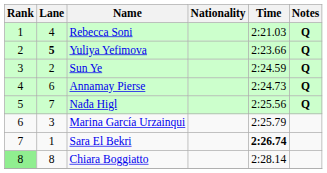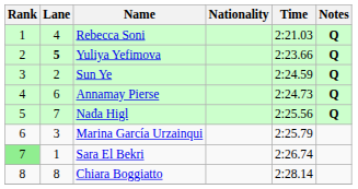 <table class="wikitable sortable" style="text-align:center">
 <tr>
 <th>Rank</th>
 <th>Lane</th>
 <th>Name</th>
 <th>Nationality</th>
 <th>Time</th>
 <th>Notes</th>
 </tr>
 <tr bgcolor=ccffcc>
 <td>1</td>
 <td>4</td>
 <td align=left><a href='#'>Rebecca Soni</a></td>
 <td align=left></td>
 <td>2:21.03</td>
 <td><strong>Q</strong></td>
 </tr>
 <tr bgcolor=ccffcc>
 <td>2</td>
 <td><strong>5</strong></td>
 <td align=left><a href='#'>Yuliya Yefimova</a></td>
 <td align=left></td>
 <td>2:23.66</td>
 <td><strong>Q</strong></td>
 </tr>
 <tr bgcolor=ccffcc>
 <td>3</td>
 <td>2</td>
 <td align=left><a href='#'>Sun Ye</a></td>
 <td align=left></td>
 <td>2:24.59</td>
 <td><strong>Q</strong></td>
 </tr>
 <tr bgcolor=ccffcc>
 <td>4</td>
 <td>6</td>
 <td align=left><a href='#'>Annamay Pierse</a></td>
 <td align=left></td>
 <td>2:24.73</td>
 <td><strong>Q</strong></td>
 </tr>
 <tr bgcolor=ccffcc>
 <td>5</td>
 <td>7</td>
 <td align=left><a href='#'>Nađa Higl</a></td>
 <td align=left></td>
 <td>2:25.56</td>
 <td><strong>Q</strong></td>
 </tr>
 <tr>
 <td>6</td>
 <td>3</td>
 <td align=left><a href='#'>Marina García Urzainqui</a></td>
 <td align=left></td>
 <td>2:25.79</td>
 <td></td>
 </tr>
 <tr>
-<td>7</td>
+<td style="background: lightgreen;">7</td>
 <td>1</td>
 <td align=left><a href='#'>Sara El Bekri</a></td>
 <td align=left></td>
-<td><strong>2:26.74</strong></td>
+<td>2:26.74</td>
 <td></td>
 </tr>
 <tr>
-<td style="background: lightgreen;">8</td>
+<td>8</td>
 <td>8</td>
 <td align=left><a href='#'>Chiara Boggiatto</a></td>
 <td align=left></td>
 <td>2:28.14</td>
 <td></td>
 </tr>
 <tr>
 </tr>
 </table>
